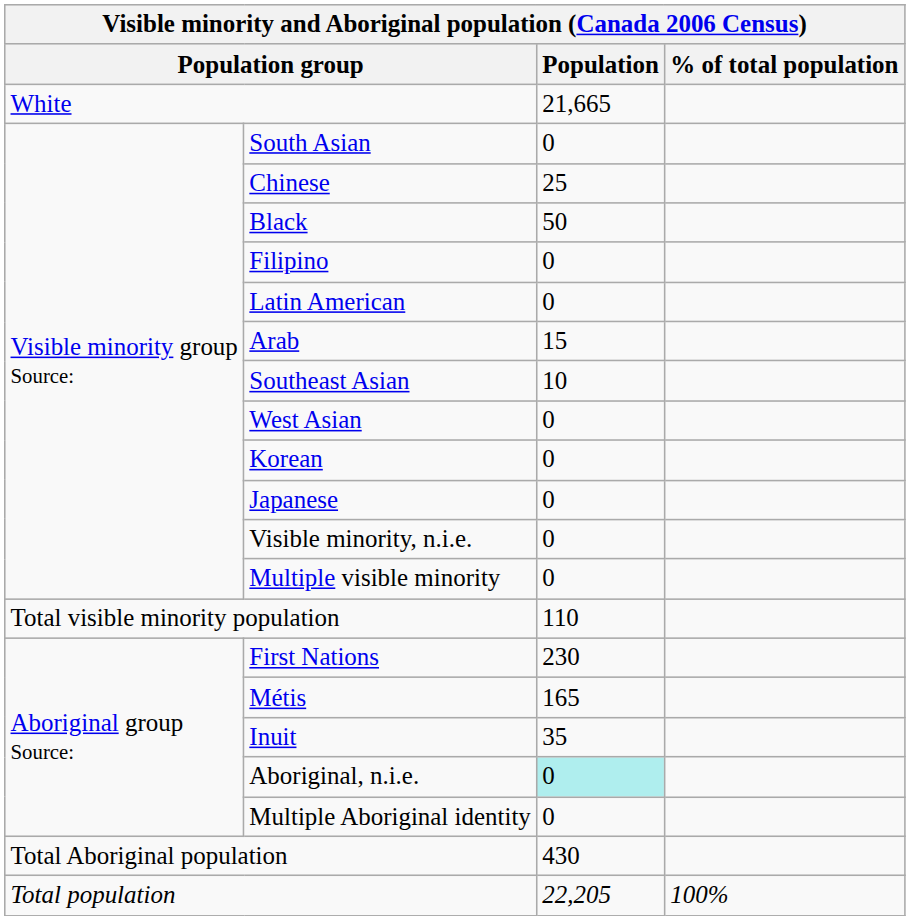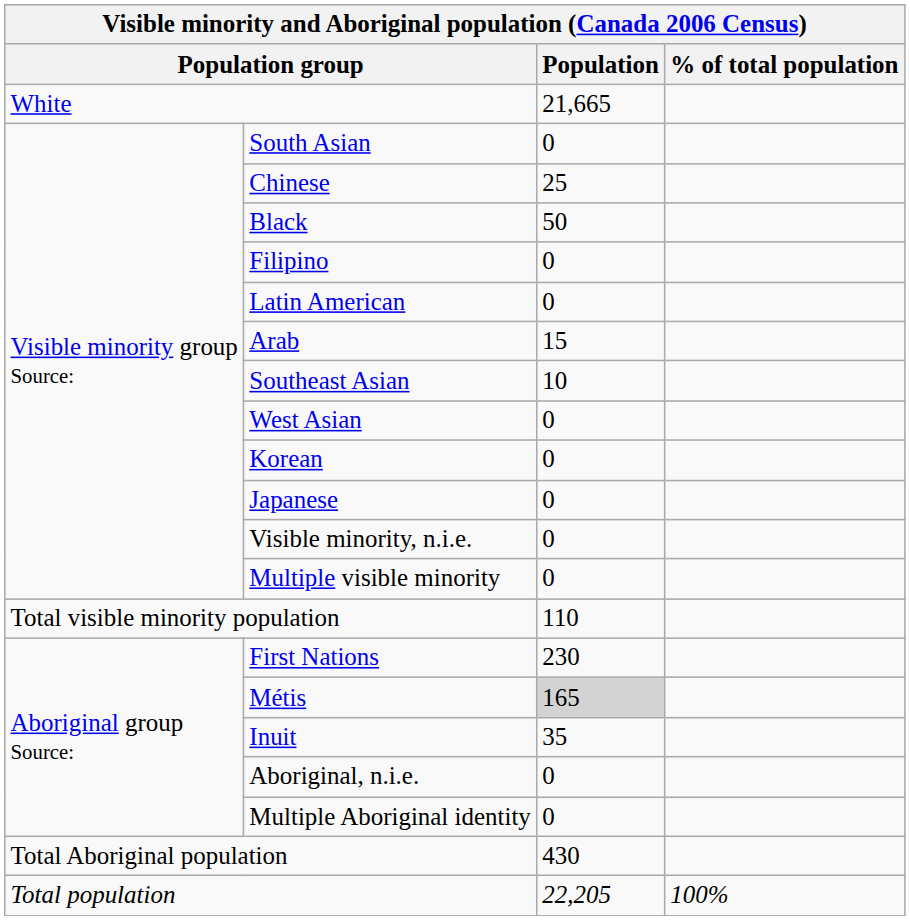 <table class="wikitable">
 <tr>
 <th colspan=4>Visible minority and Aboriginal population (<a href='#'>Canada 2006 Census</a>)</th>
 </tr>
 <tr>
 <th colspan="2">Population group</th>
 <th>Population</th>
 <th>% of total population</th>
 </tr>
 <tr>
 <td colspan="2"><a href='#'>White</a></td>
 <td>21,665</td>
 <td></td>
 </tr>
 <tr>
 <td rowspan="12"><a href='#'>Visible minority</a> group<br><small>Source:</small></td>
 <td><a href='#'>South Asian</a></td>
 <td>0</td>
 <td></td>
 </tr>
 <tr>
 <td><a href='#'>Chinese</a></td>
 <td>25</td>
 <td></td>
 </tr>
 <tr>
 <td><a href='#'>Black</a></td>
 <td>50</td>
 <td></td>
 </tr>
 <tr>
 <td><a href='#'>Filipino</a></td>
 <td>0</td>
 <td></td>
 </tr>
 <tr>
 <td><a href='#'>Latin American</a></td>
 <td>0</td>
 <td></td>
 </tr>
 <tr>
 <td><a href='#'>Arab</a></td>
 <td>15</td>
 <td></td>
 </tr>
 <tr>
 <td><a href='#'>Southeast Asian</a></td>
 <td>10</td>
 <td></td>
 </tr>
 <tr>
 <td><a href='#'>West Asian</a></td>
 <td>0</td>
 <td></td>
 </tr>
 <tr>
 <td><a href='#'>Korean</a></td>
 <td>0</td>
 <td></td>
 </tr>
 <tr>
 <td><a href='#'>Japanese</a></td>
 <td>0</td>
 <td></td>
 </tr>
 <tr>
 <td>Visible minority, n.i.e.</td>
 <td>0</td>
 <td></td>
 </tr>
 <tr>
 <td><a href='#'>Multiple</a> visible minority</td>
 <td>0</td>
 <td></td>
 </tr>
 <tr>
 <td colspan="2">Total visible minority population</td>
 <td>110</td>
 <td></td>
 </tr>
 <tr>
 <td rowspan="5"><a href='#'>Aboriginal</a> group<br><small>Source:</small></td>
 <td><a href='#'>First Nations</a></td>
 <td>230</td>
 <td></td>
 </tr>
 <tr>
 <td><a href='#'>Métis</a></td>
-<td>165</td>
+<td style="background: lightgrey;">165</td>
 <td></td>
 </tr>
 <tr>
 <td><a href='#'>Inuit</a></td>
 <td>35</td>
 <td></td>
 </tr>
 <tr>
 <td>Aboriginal, n.i.e.</td>
-<td style="background: paleturquoise;">0</td>
+<td>0</td>
 <td></td>
 </tr>
 <tr>
 <td>Multiple Aboriginal identity</td>
 <td>0</td>
 <td></td>
 </tr>
 <tr>
 <td colspan="2">Total Aboriginal population</td>
 <td>430</td>
 <td></td>
 </tr>
 <tr>
 <td colspan="2"><em>Total population </em></td>
 <td><em>22,205 </em></td>
 <td><em>100% </em></td>
 </tr>
 </table>
